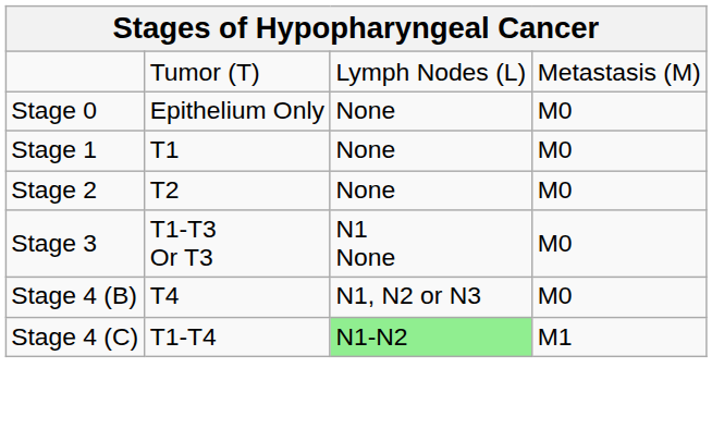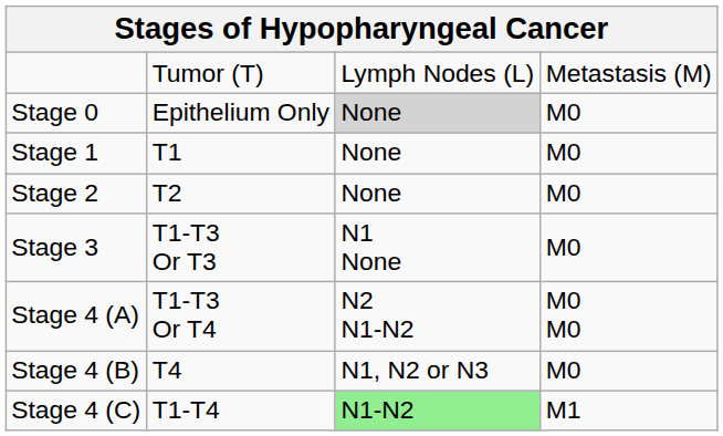 <table class="wikitable" align="right">
 <tr>
 <th colspan="4"><big>Stages of Hypopharyngeal Cancer</big></th>
 </tr>
 <tr>
 <td></td>
 <td>Tumor (T)</td>
 <td>Lymph Nodes (L)</td>
 <td>Metastasis (M)</td>
 </tr>
 <tr>
 <td>Stage 0</td>
 <td>Epithelium Only</td>
-<td>None</td>
+<td style="background: lightgrey;">None</td>
 <td>M0</td>
 </tr>
 <tr>
 <td>Stage 1</td>
 <td>T1</td>
 <td>None</td>
 <td>M0</td>
 </tr>
 <tr>
 <td>Stage 2</td>
 <td>T2</td>
 <td>None</td>
 <td>M0</td>
 </tr>
 <tr>
 <td>Stage 3</td>
 <td>T1-T3<br>Or T3</td>
 <td>N1<br>None</td>
 <td>M0</td>
 </tr>
 <tr>
+<td>Stage 4 (A)</td>
+<td>T1-T3<br>Or T4</td>
+<td>N2<br>N1-N2</td>
+<td>M0<br>M0</td>
+</tr>
+<tr>
 <td>Stage 4 (B)</td>
 <td>T4</td>
 <td>N1, N2 or N3</td>
 <td>M0</td>
 </tr>
 <tr>
 <td>Stage 4 (C)</td>
 <td>T1-T4</td>
 <td style="background: lightgreen;">N1-N2</td>
 <td>M1</td>
 </tr>
 </table>
